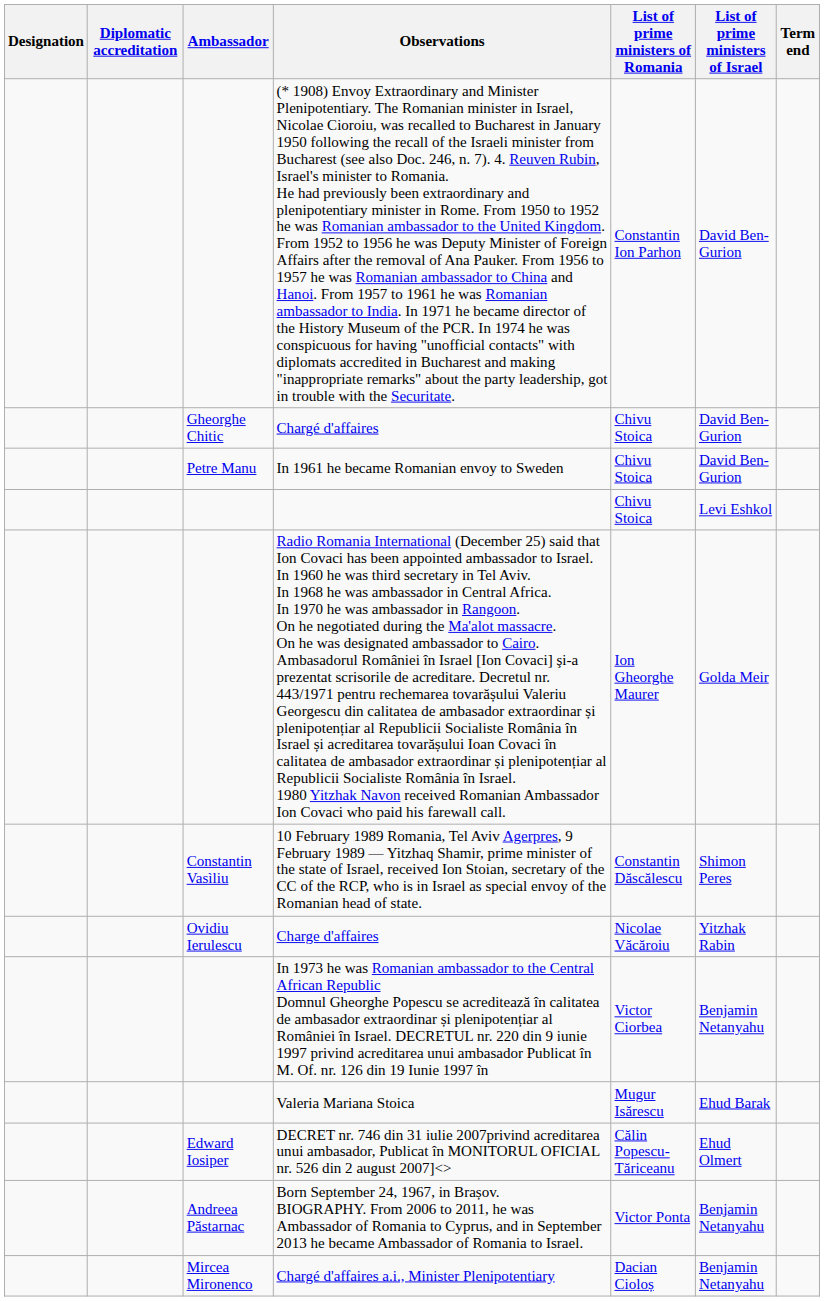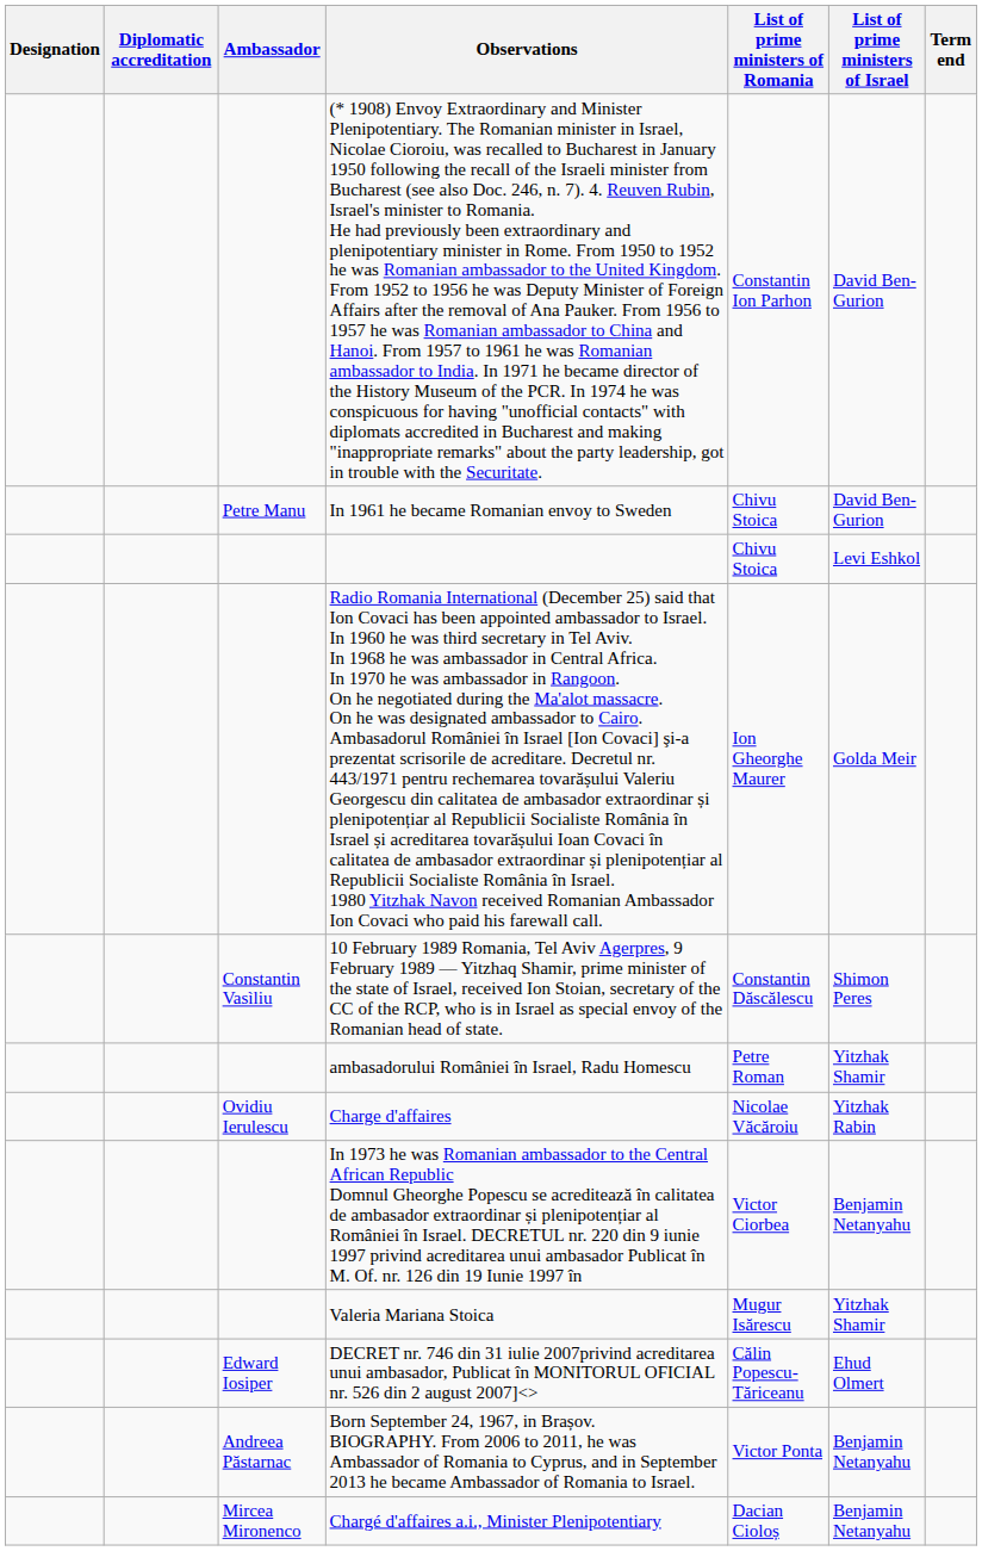 <table class="wikitable sortable">
 <tr>
 <th>Designation</th>
 <th><a href='#'>Diplomatic accreditation</a></th>
 <th><a href='#'>Ambassador</a></th>
 <th>Observations</th>
 <th><a href='#'>List of prime ministers of Romania</a></th>
 <th><a href='#'>List of prime ministers of Israel</a></th>
 <th>Term end</th>
 </tr>
 <tr>
 <td></td>
 <td></td>
 <td></td>
 <td>(* 1908) Envoy Extraordinary and Minister Plenipotentiary. The Romanian minister in Israel, Nicolae Cioroiu, was recalled to Bucharest in January 1950 following the recall of the Israeli minister from Bucharest (see also Doc. 246, n. 7). 4. <a href='#'>Reuven Rubin</a>, Israel's minister to Romania.<br>He had previously been extraordinary and plenipotentiary minister in Rome. From 1950 to 1952 he was <a href='#'>Romanian ambassador to the United Kingdom</a>. From 1952 to 1956 he was Deputy Minister of Foreign Affairs after the removal of Ana Pauker. From 1956 to 1957 he was <a href='#'>Romanian ambassador to China</a> and <a href='#'>Hanoi</a>. From 1957 to 1961 he was <a href='#'>Romanian ambassador to India</a>. In 1971 he became director of the History Museum of the PCR.  In 1974 he was conspicuous for having "unofficial contacts" with diplomats accredited in Bucharest and making "inappropriate remarks" about the party leadership, got in trouble with the <a href='#'>Securitate</a>.</td>
 <td><a href='#'>Constantin Ion Parhon</a></td>
-<td><a href='#'>David Ben-Gurion</a></td>
-<td></td>
-</tr>
-<tr>
-<td></td>
-<td></td>
-<td><a href='#'>Gheorghe Chitic</a></td>
-<td><a href='#'>Chargé d'affaires</a></td>
-<td><a href='#'>Chivu Stoica</a></td>
 <td><a href='#'>David Ben-Gurion</a></td>
 <td></td>
 </tr>
 <tr>
 <td></td>
 <td></td>
 <td><a href='#'>Petre Manu</a></td>
 <td>In 1961 he became Romanian envoy to Sweden</td>
 <td><a href='#'>Chivu Stoica</a></td>
 <td><a href='#'>David Ben-Gurion</a></td>
 <td></td>
 </tr>
 <tr>
 <td></td>
 <td></td>
 <td></td>
 <td></td>
 <td><a href='#'>Chivu Stoica</a></td>
 <td><a href='#'>Levi Eshkol</a></td>
 <td></td>
 </tr>
 <tr>
 <td></td>
 <td></td>
 <td></td>
 <td><a href='#'>Radio Romania International</a> (December 25) said that Ion Covaci has been appointed ambassador to Israel.<br>In 1960 he was third secretary in Tel Aviv.<br>In 1968 he was ambassador in Central Africa.<br>In 1970 he was ambassador in <a href='#'>Rangoon</a>.<br>On  he negotiated during the <a href='#'>Ma'alot massacre</a>.<br>On  he was designated ambassador to <a href='#'>Cairo</a>.<br>Ambasadorul României în Israel [Ion Covaci] şi-a prezentat scrisorile de acreditare. Decretul nr. 443/1971 pentru rechemarea tovarășului Valeriu Georgescu din calitatea de ambasador extraordinar și plenipotențiar al Republicii Socialiste România în Israel și acreditarea tovarășului Ioan Covaci în calitatea de ambasador extraordinar și plenipotențiar al Republicii Socialiste România în Israel.<br>1980 <a href='#'>Yitzhak Navon</a> received Romanian Ambassador Ion Covaci who paid his farewall call.</td>
 <td><a href='#'>Ion Gheorghe Maurer</a></td>
 <td><a href='#'>Golda Meir</a></td>
 <td></td>
 </tr>
 <tr>
 <td></td>
 <td></td>
 <td><a href='#'>Constantin Vasìliu</a></td>
 <td>10 February 1989 Romania, Tel Aviv <a href='#'>Agerpres</a>, 9 February 1989 — Yitzhaq Shamir, prime minister of the state of Israel, received Ion Stoian, secretary of the CC of the RCP, who is in Israel as special envoy of the Romanian head of state.</td>
 <td><a href='#'>Constantin Dăscălescu</a></td>
 <td><a href='#'>Shimon Peres</a></td>
 <td></td>
 </tr>
 <tr>
 <td></td>
 <td></td>
+<td></td>
+<td>ambasadorului României în Israel, Radu Homescu</td>
+<td><a href='#'>Petre Roman</a></td>
+<td><a href='#'>Yitzhak Shamir</a></td>
+<td></td>
+</tr>
+<tr>
+<td></td>
+<td></td>
 <td><a href='#'>Ovidiu Ierulescu</a></td>
 <td><a href='#'>Charge d'affaires</a></td>
 <td><a href='#'>Nicolae Văcăroiu</a></td>
 <td><a href='#'>Yitzhak Rabin</a></td>
 <td></td>
 </tr>
 <tr>
 <td></td>
 <td></td>
 <td></td>
 <td>In 1973 he was <a href='#'>Romanian ambassador to the Central African Republic</a><br>Domnul Gheorghe Popescu se acreditează în calitatea de ambasador extraordinar și plenipotențiar al României în Israel. DECRETUL nr. 220 din 9 iunie 1997 privind acreditarea unui ambasador Publicat în M. Of. nr. 126 din 19 Iunie 1997 în</td>
 <td><a href='#'>Victor Ciorbea</a></td>
 <td><a href='#'>Benjamin Netanyahu</a></td>
 <td></td>
 </tr>
 <tr>
 <td></td>
 <td></td>
 <td></td>
 <td>Valeria Mariana Stoica</td>
 <td><a href='#'>Mugur Isărescu</a></td>
-<td><a href='#'>Ehud Barak</a></td>
+<td><a href='#'>Yitzhak Shamir</a></td>
 <td></td>
 </tr>
 <tr>
 <td></td>
 <td></td>
 <td><a href='#'>Edward Iosiper</a></td>
 <td>DECRET nr. 746 din 31 iulie 2007privind acreditarea unui ambasador, Publicat în  MONITORUL OFICIAL nr. 526 din 2 august 2007]<></td>
 <td><a href='#'>Călin Popescu-Tăriceanu</a></td>
 <td><a href='#'>Ehud Olmert</a></td>
 <td></td>
 </tr>
 <tr>
 <td></td>
 <td></td>
 <td><a href='#'>Andreea Păstarnac</a></td>
 <td>Born September 24, 1967, in Brașov.<br>BIOGRAPHY. From 2006 to 2011, he was Ambassador of Romania to Cyprus, and in September 2013 he became Ambassador of Romania to Israel.</td>
 <td><a href='#'>Victor Ponta</a></td>
 <td><a href='#'>Benjamin Netanyahu</a></td>
 <td></td>
 </tr>
 <tr>
 <td></td>
 <td></td>
 <td><a href='#'>Mircea Mironenco</a></td>
 <td><a href='#'>Chargé d'affaires a.i., Minister Plenipotentiary</a></td>
 <td><a href='#'>Dacian Cioloș</a></td>
 <td><a href='#'>Benjamin Netanyahu</a></td>
 <td></td>
 </tr>
 </table>
